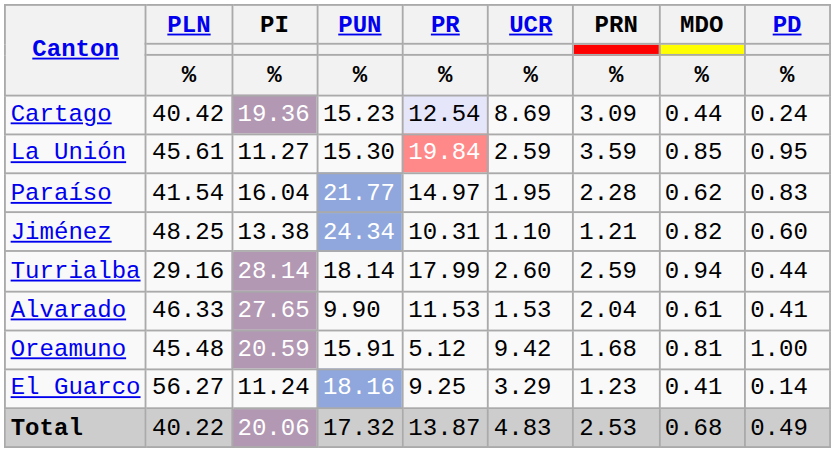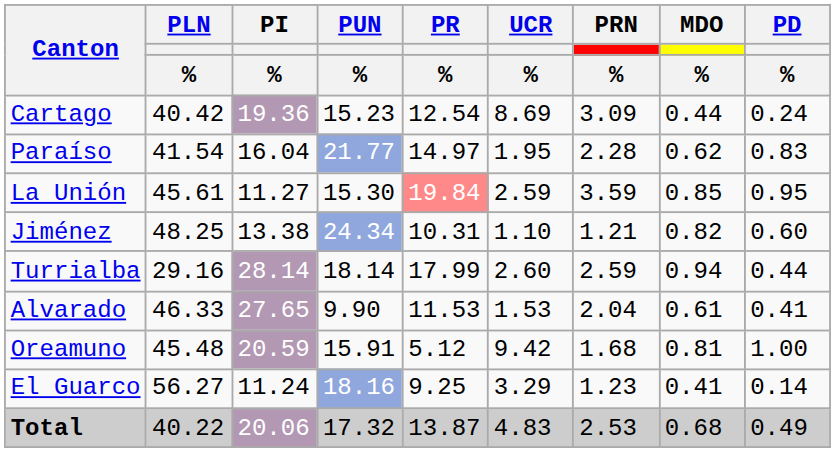 <table class="wikitable mw-collapsible mw-collapsed">
 <tr>
 <th rowspan="3"><a href='#'>Canton</a></th>
 <th colspan="1" width="40px"><a href='#'>PLN</a></th>
 <th colspan="1" width="40px">PI</th>
 <th colspan="1" width="40px"><a href='#'>PUN</a></th>
 <th colspan="1" width="40px"><a href='#'>PR</a></th>
 <th colspan="1" width="40px"><a href='#'>UCR</a></th>
 <th colspan="1" width="40px">PRN</th>
 <th colspan="1" width="40px">MDO</th>
 <th colspan="1" width="40px"><a href='#'>PD</a></th>
 </tr>
 <tr>
 <th style="background:"></th>
 <th style="background:"></th>
 <th style="background:"></th>
 <th style="background:"></th>
 <th style="background:"></th>
 <th style="background:red"></th>
 <th style="background:yellow"></th>
 <th style="background:"></th>
 </tr>
 <tr>
 <th data-sort-type="number">%</th>
 <th data-sort-type="number">%</th>
 <th data-sort-type="number">%</th>
 <th data-sort-type="number">%</th>
 <th data-sort-type="number">%</th>
 <th data-sort-type="number">%</th>
 <th data-sort-type="number">%</th>
 <th data-sort-type="number">%</th>
 </tr>
 <tr>
 <td align="left"><a href='#'>Cartago</a></td>
 <td style="background:">40.42</td>
 <td style="background:#b298b3; color:white;">19.36</td>
 <td>15.23</td>
-<td style="background: lavender;">12.54</td>
+<td>12.54</td>
 <td>8.69</td>
 <td>3.09</td>
 <td>0.44</td>
 <td>0.24</td>
+</tr>
+<tr>
+<td align="left"><a href='#'>Paraíso</a></td>
+<td style="background:">41.54</td>
+<td>16.04</td>
+<td style="background:#8fa7dc; color:white;">21.77</td>
+<td>14.97</td>
+<td>1.95</td>
+<td>2.28</td>
+<td>0.62</td>
+<td>0.83</td>
 </tr>
 <tr>
 <td align="left"><a href='#'>La Unión</a></td>
 <td style="background:">45.61</td>
 <td>11.27</td>
 <td>15.30</td>
 <td style="background:#ff8989; color:white;">19.84</td>
 <td>2.59</td>
 <td>3.59</td>
 <td>0.85</td>
 <td>0.95</td>
-</tr>
-<tr>
-<td align="left"><a href='#'>Paraíso</a></td>
-<td style="background:">41.54</td>
-<td>16.04</td>
-<td style="background:#8fa7dc; color:white;">21.77</td>
-<td>14.97</td>
-<td>1.95</td>
-<td>2.28</td>
-<td>0.62</td>
-<td>0.83</td>
 </tr>
 <tr>
 <td align="left"><a href='#'>Jiménez</a></td>
 <td style="background:">48.25</td>
 <td>13.38</td>
 <td style="background:#8fa7dc; color:white;">24.34</td>
 <td>10.31</td>
 <td>1.10</td>
 <td>1.21</td>
 <td>0.82</td>
 <td>0.60</td>
 </tr>
 <tr>
 <td align="left"><a href='#'>Turrialba</a></td>
 <td style="background:">29.16</td>
 <td style="background:#b298b3; color:white;">28.14</td>
 <td>18.14</td>
 <td>17.99</td>
 <td>2.60</td>
 <td>2.59</td>
 <td>0.94</td>
 <td>0.44</td>
 </tr>
 <tr>
 <td align="left"><a href='#'>Alvarado</a></td>
 <td style="background:">46.33</td>
 <td style="background:#b298b3; color:white;">27.65</td>
 <td>9.90</td>
 <td>11.53</td>
 <td>1.53</td>
 <td>2.04</td>
 <td>0.61</td>
 <td>0.41</td>
 </tr>
 <tr>
 <td align="left"><a href='#'>Oreamuno</a></td>
 <td style="background:">45.48</td>
 <td style="background:#b298b3; color:white;">20.59</td>
 <td>15.91</td>
 <td>5.12</td>
 <td>9.42</td>
 <td>1.68</td>
 <td>0.81</td>
 <td>1.00</td>
 </tr>
 <tr>
 <td align="left"><a href='#'>El Guarco</a></td>
 <td style="background:">56.27</td>
 <td>11.24</td>
 <td style="background:#8fa7dc; color:white;">18.16</td>
 <td>9.25</td>
 <td>3.29</td>
 <td>1.23</td>
 <td>0.41</td>
 <td>0.14</td>
 </tr>
 <tr style="background:#CDCDCD;">
 <td align="left"><strong>Total</strong></td>
 <td style="background:">40.22</td>
 <td style="background:#b298b3; color:white;">20.06</td>
 <td>17.32</td>
 <td>13.87</td>
 <td>4.83</td>
 <td>2.53</td>
 <td>0.68</td>
 <td>0.49</td>
 </tr>
 </table>
